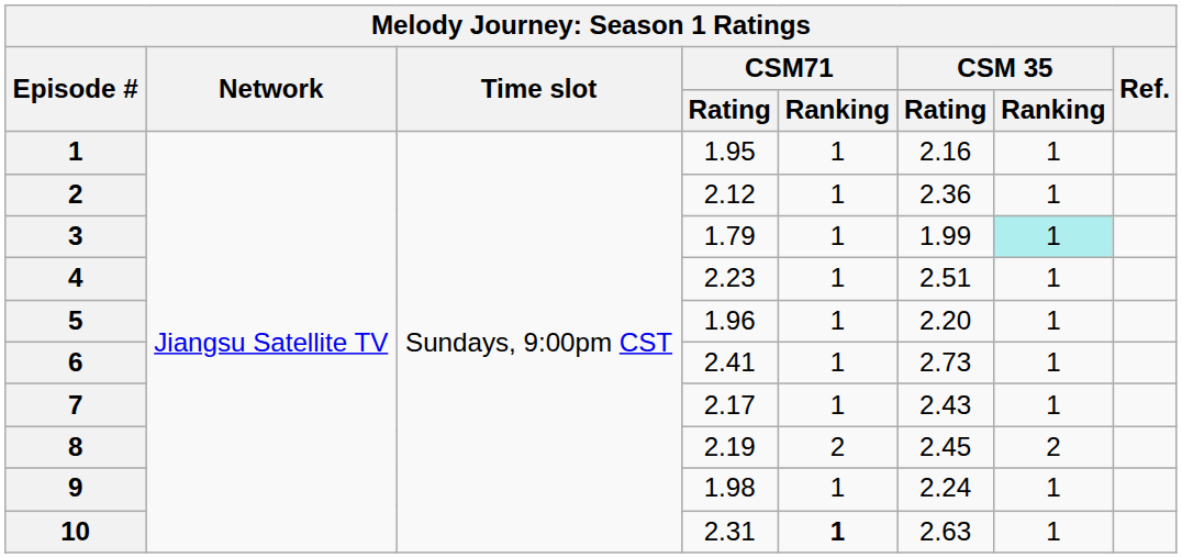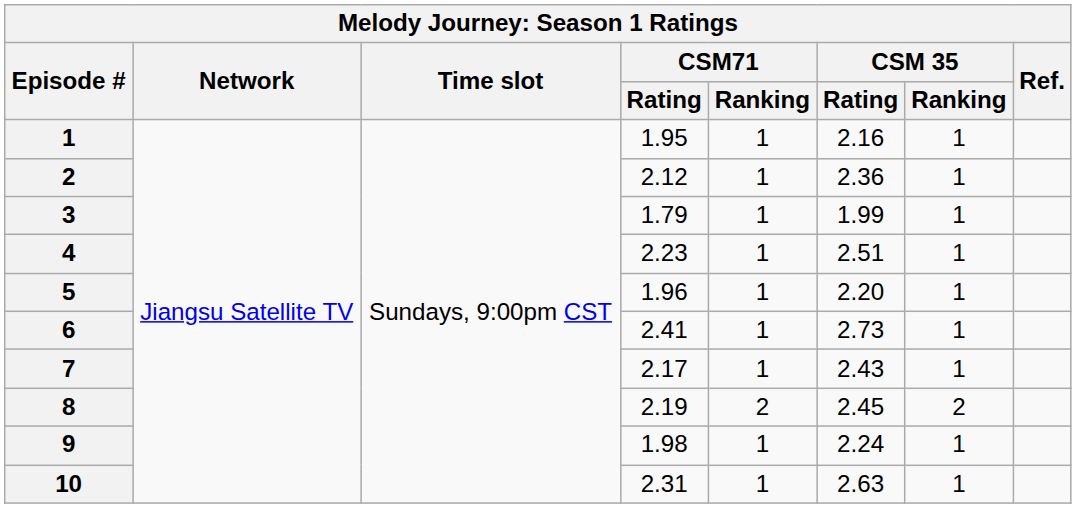 <table class="wikitable" width="80%" style="text-align:center;">
 <tr>
 <th colspan=8>Melody Journey: Season 1 Ratings</th>
 </tr>
 <tr>
 <th rowspan=2>Episode #</th>
 <th rowspan=2>Network</th>
 <th rowspan=2>Time slot</th>
 <th colspan=2>CSM71</th>
 <th colspan=2>CSM 35</th>
 <th rowspan=2>Ref.</th>
 </tr>
 <tr>
 <th>Rating</th>
 <th>Ranking</th>
 <th>Rating</th>
 <th>Ranking</th>
 </tr>
 <tr>
 <th>1</th>
 <td rowspan=11><a href='#'>Jiangsu Satellite TV</a></td>
 <td rowspan=11>Sundays, 9:00pm <a href='#'>CST</a></td>
 <td>1.95</td>
 <td>1</td>
 <td>2.16</td>
 <td>1</td>
 <td></td>
 </tr>
 <tr>
 <th>2</th>
 <td>2.12</td>
 <td>1</td>
 <td>2.36</td>
 <td>1</td>
 <td></td>
 </tr>
 <tr>
 <th>3</th>
 <td>1.79</td>
 <td>1</td>
 <td>1.99</td>
-<td style="background: paleturquoise;">1</td>
+<td>1</td>
 <td></td>
 </tr>
 <tr>
 <th>4</th>
 <td>2.23</td>
 <td>1</td>
 <td>2.51</td>
 <td>1</td>
 <td></td>
 </tr>
 <tr>
 <th>5</th>
 <td>1.96</td>
 <td>1</td>
 <td>2.20</td>
 <td>1</td>
 <td></td>
 </tr>
 <tr>
 <th>6</th>
 <td>2.41</td>
 <td>1</td>
 <td>2.73</td>
 <td>1</td>
 <td></td>
 </tr>
 <tr>
 <th>7</th>
 <td>2.17</td>
 <td>1</td>
 <td>2.43</td>
 <td>1</td>
 <td></td>
 </tr>
 <tr>
 <th>8</th>
 <td>2.19</td>
 <td>2</td>
 <td>2.45</td>
 <td>2</td>
 <td></td>
 </tr>
 <tr>
 <th>9</th>
 <td>1.98</td>
 <td>1</td>
 <td>2.24</td>
 <td>1</td>
 <td></td>
 </tr>
 <tr>
 <th>10</th>
 <td>2.31</td>
-<td><strong>1</strong></td>
+<td>1</td>
 <td>2.63</td>
 <td>1</td>
 <td></td>
 </tr>
 </table>
